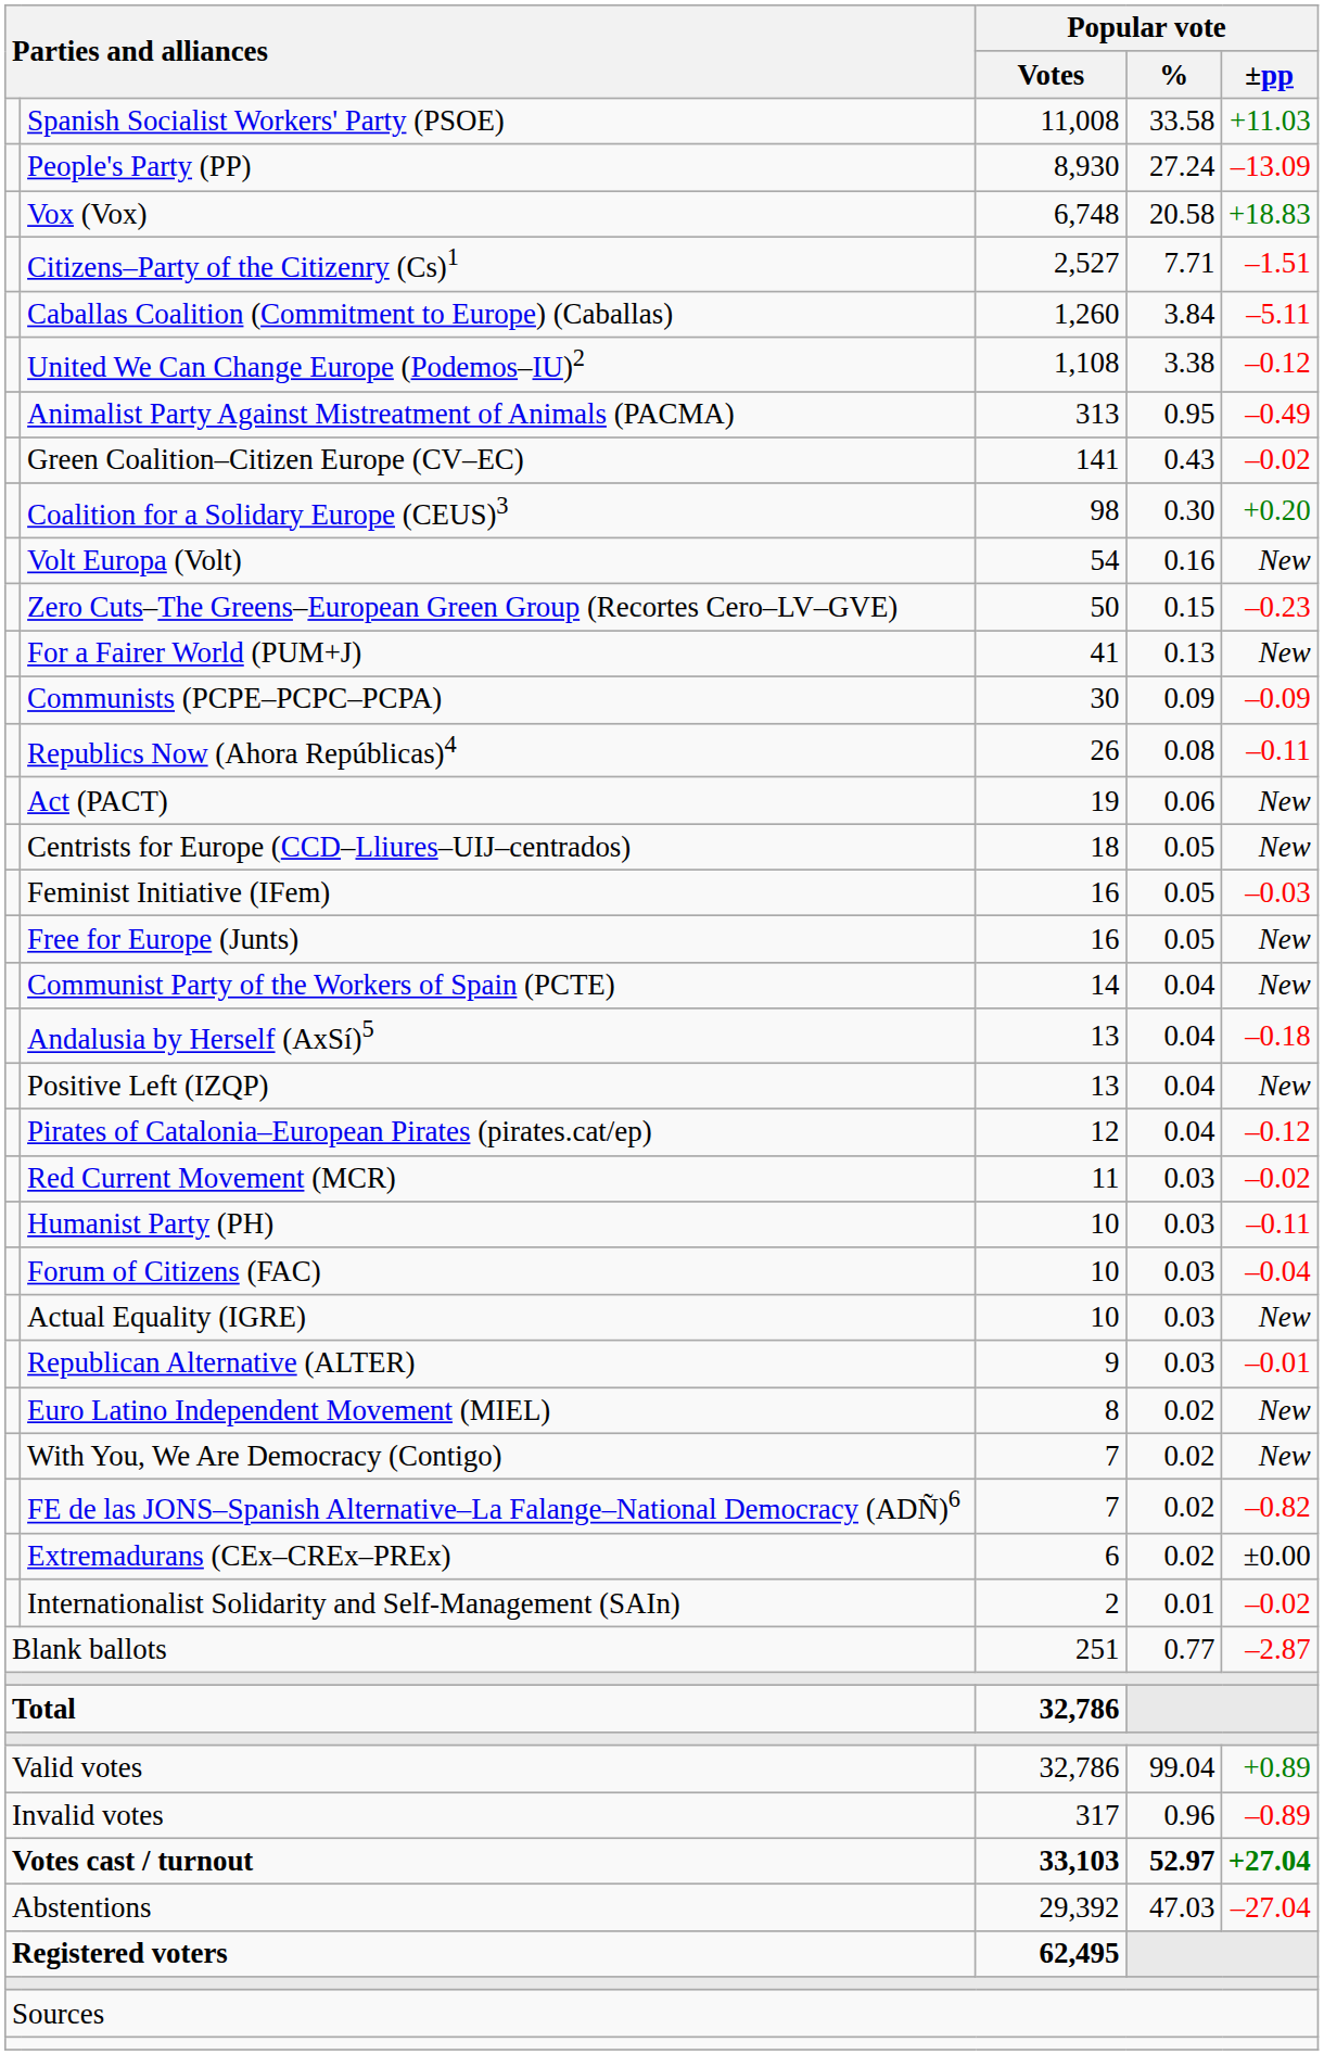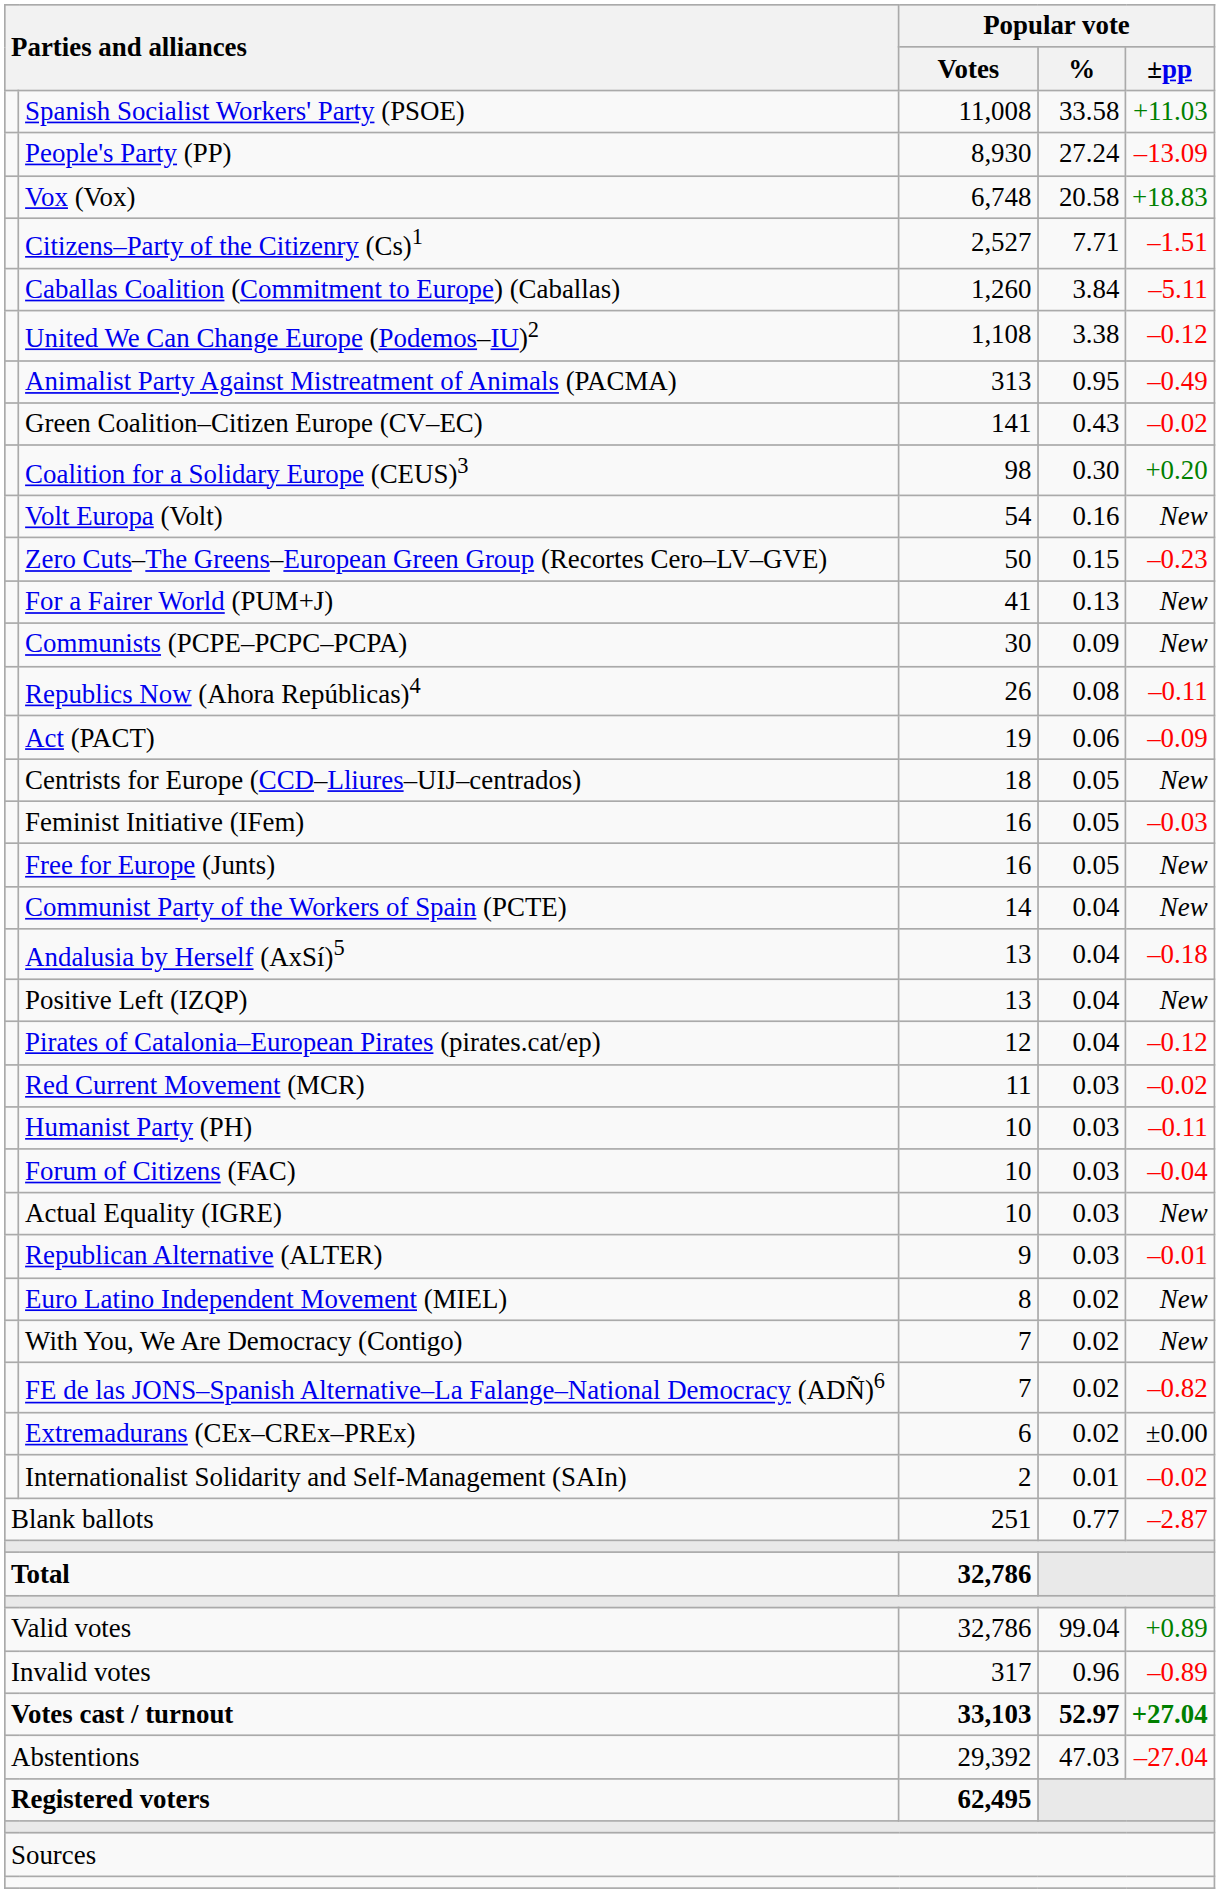 <table class="wikitable" style="text-align:right;">
 <tr>
 <th style="text-align:left;" rowspan="2" colspan="2" width="525">Parties and alliances</th>
 <th colspan="3">Popular vote</th>
 </tr>
 <tr>
 <th width="75">Votes</th>
 <th width="45">%</th>
 <th width="45">±<a href='#'>pp</a></th>
 </tr>
 <tr>
 <td width="1" style="color:inherit;background:"></td>
 <td align="left"><a href='#'>Spanish Socialist Workers' Party</a> (PSOE)</td>
 <td>11,008</td>
 <td>33.58</td>
 <td style="color:green;">+11.03</td>
 </tr>
 <tr>
 <td style="color:inherit;background:"></td>
 <td align="left"><a href='#'>People's Party</a> (PP)</td>
 <td>8,930</td>
 <td>27.24</td>
 <td style="color:red;">–13.09</td>
 </tr>
 <tr>
 <td style="color:inherit;background:"></td>
 <td align="left"><a href='#'>Vox</a> (Vox)</td>
 <td>6,748</td>
 <td>20.58</td>
 <td style="color:green;">+18.83</td>
 </tr>
 <tr>
 <td style="color:inherit;background:"></td>
 <td align="left"><a href='#'>Citizens–Party of the Citizenry</a> (Cs)<sup>1</sup></td>
 <td>2,527</td>
 <td>7.71</td>
 <td style="color:red;">–1.51</td>
 </tr>
 <tr>
 <td style="color:inherit;background:"></td>
 <td align="left"><a href='#'>Caballas Coalition</a> (<a href='#'>Commitment to Europe</a>) (Caballas)</td>
 <td>1,260</td>
 <td>3.84</td>
 <td style="color:red;">–5.11</td>
 </tr>
 <tr>
 <td style="color:inherit;background:"></td>
 <td align="left"><a href='#'>United We Can Change Europe</a> (<a href='#'>Podemos</a>–<a href='#'>IU</a>)<sup>2</sup></td>
 <td>1,108</td>
 <td>3.38</td>
 <td style="color:red;">–0.12</td>
 </tr>
 <tr>
 <td style="color:inherit;background:"></td>
 <td align="left"><a href='#'>Animalist Party Against Mistreatment of Animals</a> (PACMA)</td>
 <td>313</td>
 <td>0.95</td>
 <td style="color:red;">–0.49</td>
 </tr>
 <tr>
 <td style="color:inherit;background:"></td>
 <td align="left">Green Coalition–Citizen Europe (CV–EC)</td>
 <td>141</td>
 <td>0.43</td>
 <td style="color:red;">–0.02</td>
 </tr>
 <tr>
 <td style="color:inherit;background:"></td>
 <td align="left"><a href='#'>Coalition for a Solidary Europe</a> (CEUS)<sup>3</sup></td>
 <td>98</td>
 <td>0.30</td>
 <td style="color:green;">+0.20</td>
 </tr>
 <tr>
 <td style="color:inherit;background:"></td>
 <td align="left"><a href='#'>Volt Europa</a> (Volt)</td>
 <td>54</td>
 <td>0.16</td>
 <td><em>New</em></td>
 </tr>
 <tr>
 <td style="color:inherit;background:"></td>
 <td align="left"><a href='#'>Zero Cuts</a>–<a href='#'>The Greens</a>–<a href='#'>European Green Group</a> (Recortes Cero–LV–GVE)</td>
 <td>50</td>
 <td>0.15</td>
 <td style="color:red;">–0.23</td>
 </tr>
 <tr>
 <td style="color:inherit;background:"></td>
 <td align="left"><a href='#'>For a Fairer World</a> (PUM+J)</td>
 <td>41</td>
 <td>0.13</td>
 <td><em>New</em></td>
 </tr>
 <tr>
 <td style="color:inherit;background:"></td>
 <td align="left"><a href='#'>Communists</a> (PCPE–PCPC–PCPA)</td>
 <td>30</td>
 <td>0.09</td>
-<td style="color:red;">–0.09</td>
+<td><em>New</em></td>
 </tr>
 <tr>
 <td style="color:inherit;background:"></td>
 <td align="left"><a href='#'>Republics Now</a> (Ahora Repúblicas)<sup>4</sup></td>
 <td>26</td>
 <td>0.08</td>
 <td style="color:red;">–0.11</td>
 </tr>
 <tr>
 <td style="color:inherit;background:"></td>
 <td align="left"><a href='#'>Act</a> (PACT)</td>
 <td>19</td>
 <td>0.06</td>
-<td><em>New</em></td>
+<td style="color:red;">–0.09</td>
 </tr>
 <tr>
 <td style="color:inherit;background:"></td>
 <td align="left">Centrists for Europe (<a href='#'>CCD</a>–<a href='#'>Lliures</a>–UIJ–centrados)</td>
 <td>18</td>
 <td>0.05</td>
 <td><em>New</em></td>
 </tr>
 <tr>
 <td style="color:inherit;background:"></td>
 <td align="left">Feminist Initiative (IFem)</td>
 <td>16</td>
 <td>0.05</td>
 <td style="color:red;">–0.03</td>
 </tr>
 <tr>
 <td style="color:inherit;background:"></td>
 <td align="left"><a href='#'>Free for Europe</a> (Junts)</td>
 <td>16</td>
 <td>0.05</td>
 <td><em>New</em></td>
 </tr>
 <tr>
 <td style="color:inherit;background:"></td>
 <td align="left"><a href='#'>Communist Party of the Workers of Spain</a> (PCTE)</td>
 <td>14</td>
 <td>0.04</td>
 <td><em>New</em></td>
 </tr>
 <tr>
 <td style="color:inherit;background:"></td>
 <td align="left"><a href='#'>Andalusia by Herself</a> (AxSí)<sup>5</sup></td>
 <td>13</td>
 <td>0.04</td>
 <td style="color:red;">–0.18</td>
 </tr>
 <tr>
 <td style="color:inherit;background:"></td>
 <td align="left">Positive Left (IZQP)</td>
 <td>13</td>
 <td>0.04</td>
 <td><em>New</em></td>
 </tr>
 <tr>
 <td style="color:inherit;background:"></td>
 <td align="left"><a href='#'>Pirates of Catalonia–European Pirates</a> (pirates.cat/ep)</td>
 <td>12</td>
 <td>0.04</td>
 <td style="color:red;">–0.12</td>
 </tr>
 <tr>
 <td style="color:inherit;background:"></td>
 <td align="left"><a href='#'>Red Current Movement</a> (MCR)</td>
 <td>11</td>
 <td>0.03</td>
 <td style="color:red;">–0.02</td>
 </tr>
 <tr>
 <td style="color:inherit;background:"></td>
 <td align="left"><a href='#'>Humanist Party</a> (PH)</td>
 <td>10</td>
 <td>0.03</td>
 <td style="color:red;">–0.11</td>
 </tr>
 <tr>
 <td style="color:inherit;background:"></td>
 <td align="left"><a href='#'>Forum of Citizens</a> (FAC)</td>
 <td>10</td>
 <td>0.03</td>
 <td style="color:red;">–0.04</td>
 </tr>
 <tr>
 <td style="color:inherit;background:"></td>
 <td align="left">Actual Equality (IGRE)</td>
 <td>10</td>
 <td>0.03</td>
 <td><em>New</em></td>
 </tr>
 <tr>
 <td style="color:inherit;background:"></td>
 <td align="left"><a href='#'>Republican Alternative</a> (ALTER)</td>
 <td>9</td>
 <td>0.03</td>
 <td style="color:red;">–0.01</td>
 </tr>
 <tr>
 <td style="color:inherit;background:"></td>
 <td align="left"><a href='#'>Euro Latino Independent Movement</a> (MIEL)</td>
 <td>8</td>
 <td>0.02</td>
 <td><em>New</em></td>
 </tr>
 <tr>
 <td style="color:inherit;background:"></td>
 <td align="left">With You, We Are Democracy (Contigo)</td>
 <td>7</td>
 <td>0.02</td>
 <td><em>New</em></td>
 </tr>
 <tr>
 <td style="color:inherit;background:"></td>
 <td align="left"><a href='#'>FE de las JONS–Spanish Alternative–La Falange–National Democracy</a> (ADÑ)<sup>6</sup></td>
 <td>7</td>
 <td>0.02</td>
 <td style="color:red;">–0.82</td>
 </tr>
 <tr>
 <td style="color:inherit;background:"></td>
 <td align="left"><a href='#'>Extremadurans</a> (CEx–CREx–PREx)</td>
 <td>6</td>
 <td>0.02</td>
 <td>±0.00</td>
 </tr>
 <tr>
 <td style="color:inherit;background:"></td>
 <td align="left">Internationalist Solidarity and Self-Management (SAIn)</td>
 <td>2</td>
 <td>0.01</td>
 <td style="color:red;">–0.02</td>
 </tr>
 <tr>
 <td align="left" colspan="2">Blank ballots</td>
 <td>251</td>
 <td>0.77</td>
 <td style="color:red;">–2.87</td>
 </tr>
 <tr>
 <td colspan="5" bgcolor="#E9E9E9"></td>
 </tr>
 <tr style="font-weight:bold;">
 <td align="left" colspan="2">Total</td>
 <td>32,786</td>
 <td bgcolor="#E9E9E9" colspan="2"></td>
 </tr>
 <tr>
 <td colspan="5" bgcolor="#E9E9E9"></td>
 </tr>
 <tr>
 <td align="left" colspan="2">Valid votes</td>
 <td>32,786</td>
 <td>99.04</td>
 <td style="color:green;">+0.89</td>
 </tr>
 <tr>
 <td align="left" colspan="2">Invalid votes</td>
 <td>317</td>
 <td>0.96</td>
 <td style="color:red;">–0.89</td>
 </tr>
 <tr style="font-weight:bold;">
 <td align="left" colspan="2">Votes cast / turnout</td>
 <td>33,103</td>
 <td>52.97</td>
 <td style="color:green;">+27.04</td>
 </tr>
 <tr>
 <td align="left" colspan="2">Abstentions</td>
 <td>29,392</td>
 <td>47.03</td>
 <td style="color:red;">–27.04</td>
 </tr>
 <tr style="font-weight:bold;">
 <td align="left" colspan="2">Registered voters</td>
 <td>62,495</td>
 <td bgcolor="#E9E9E9" colspan="2"></td>
 </tr>
 <tr>
 <td colspan="5" bgcolor="#E9E9E9"></td>
 </tr>
 <tr>
 <td align="left" colspan="5">Sources</td>
 </tr>
 <tr>
 <td colspan="5" style="text-align:left; max-width:680px;"></td>
 </tr>
 </table>
